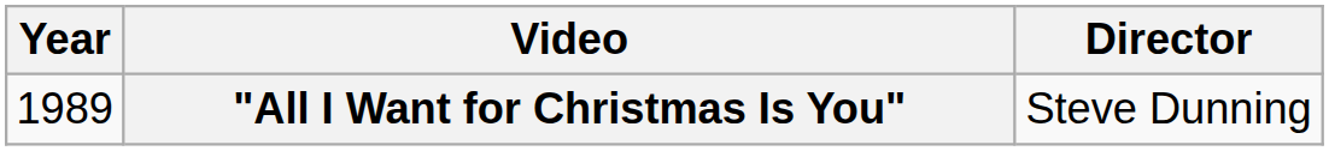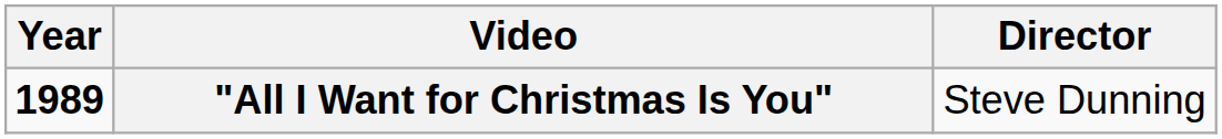 <table class="wikitable plainrowheaders">
 <tr>
 <th>Year</th>
 <th style="width:20em;">Video</th>
 <th>Director</th>
 </tr>
 <tr>
-<td>1989</td>
+<td><strong>1989</strong></td>
 <th scope="row">"All I Want for Christmas Is You"</th>
 <td>Steve Dunning</td>
 </tr>
 </table>
